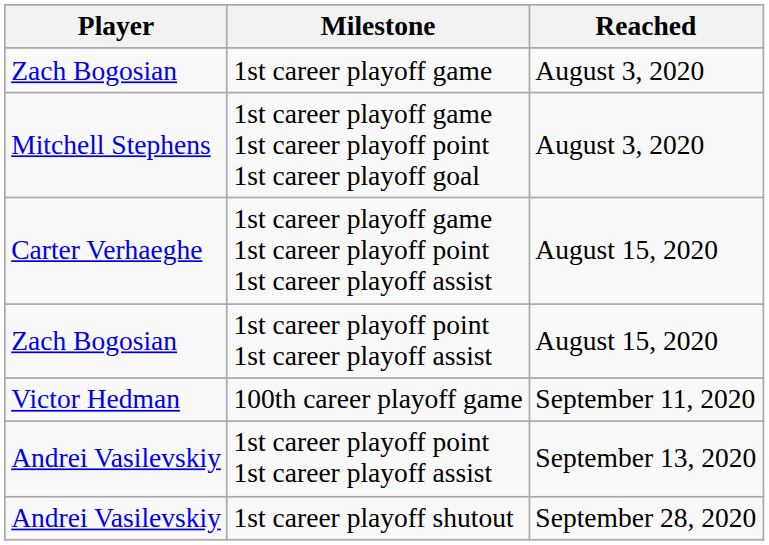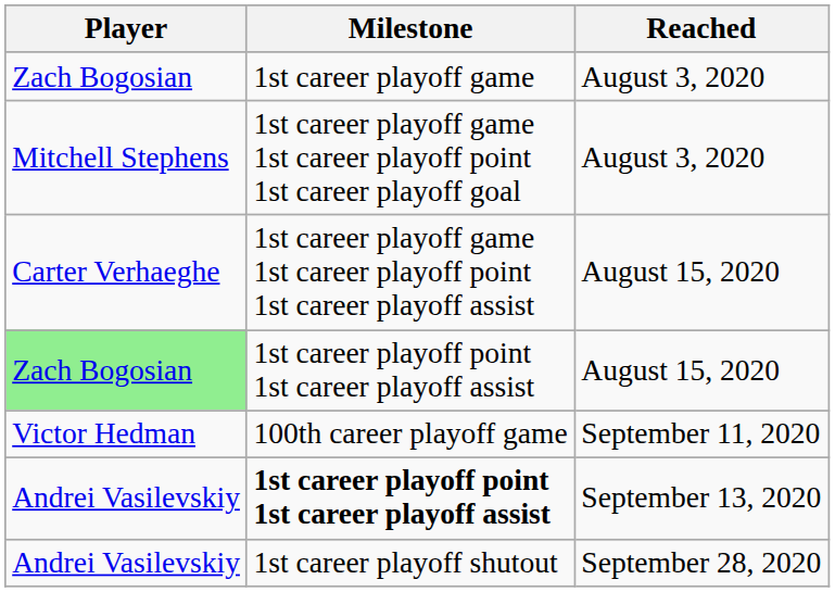 <table class="wikitable sortable">
 <tr align=center>
 <th>Player</th>
 <th>Milestone</th>
 <th data-sort-type="date">Reached</th>
 </tr>
 <tr>
 <td><a href='#'>Zach Bogosian</a></td>
 <td>1st career playoff game</td>
 <td>August 3, 2020</td>
 </tr>
 <tr>
 <td><a href='#'>Mitchell Stephens</a></td>
 <td>1st career playoff game<br>1st career playoff point<br>1st career playoff goal</td>
 <td>August 3, 2020</td>
 </tr>
 <tr>
 <td><a href='#'>Carter Verhaeghe</a></td>
 <td>1st career playoff game<br>1st career playoff point<br>1st career playoff assist</td>
 <td>August 15, 2020</td>
 </tr>
 <tr>
-<td><a href='#'>Zach Bogosian</a></td>
+<td style="background: lightgreen;"><a href='#'>Zach Bogosian</a></td>
 <td>1st career playoff point<br>1st career playoff assist</td>
 <td>August 15, 2020</td>
 </tr>
 <tr>
 <td><a href='#'>Victor Hedman</a></td>
 <td>100th career playoff game</td>
 <td>September 11, 2020</td>
 </tr>
 <tr>
 <td><a href='#'>Andrei Vasilevskiy</a></td>
-<td>1st career playoff point<br>1st career playoff assist</td>
+<td><strong>1st career playoff point<br>1st career playoff assist</strong></td>
 <td>September 13, 2020</td>
 </tr>
 <tr>
 <td><a href='#'>Andrei Vasilevskiy</a></td>
 <td>1st career playoff shutout</td>
 <td>September 28, 2020</td>
 </tr>
 </table>
